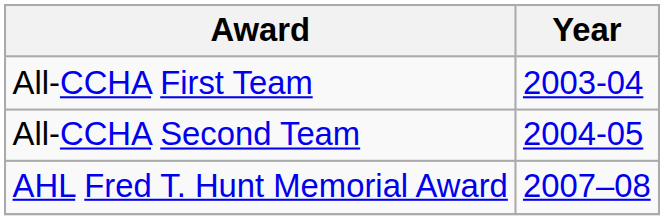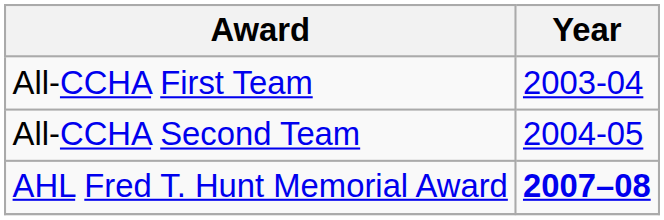 <table class="wikitable">
 <tr>
 <th>Award</th>
 <th>Year</th>
 </tr>
 <tr>
 <td>All-<a href='#'>CCHA</a> <a href='#'>First Team</a></td>
 <td><a href='#'>2003-04</a></td>
 </tr>
 <tr>
 <td>All-<a href='#'>CCHA</a> <a href='#'>Second Team</a></td>
 <td><a href='#'>2004-05</a></td>
 </tr>
 <tr>
 <td><a href='#'>AHL</a> <a href='#'>Fred T. Hunt Memorial Award</a></td>
-<td><a href='#'>2007–08</a></td>
+<td><strong><a href='#'>2007–08</a></strong></td>
 </tr>
 <tr>
 </tr>
 </table>
